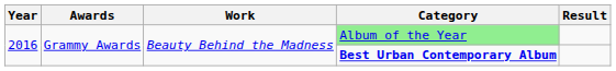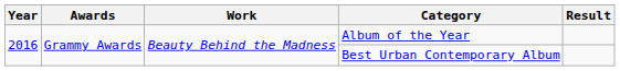 <table class=wikitable>
 <tr>
 <th>Year</th>
 <th>Awards</th>
 <th>Work</th>
 <th>Category</th>
 <th>Result</th>
 </tr>
 <tr>
 <td rowspan="2"><a href='#'>2016</a></td>
 <td rowspan="2"><a href='#'>Grammy Awards</a></td>
 <td rowspan="2"><em><a href='#'>Beauty Behind the Madness</a></em></td>
-<td style="background: lightgreen;"><a href='#'>Album of the Year</a></td>
+<td><a href='#'>Album of the Year</a></td>
 <td></td>
 </tr>
 <tr>
-<td><strong><a href='#'>Best Urban Contemporary Album</a></strong></td>
+<td><a href='#'>Best Urban Contemporary Album</a></td>
 <td></td>
 </tr>
 </table>
